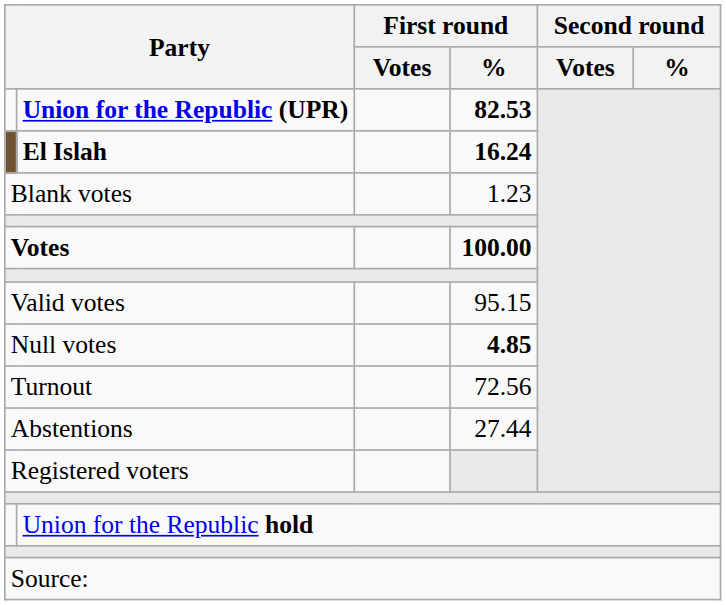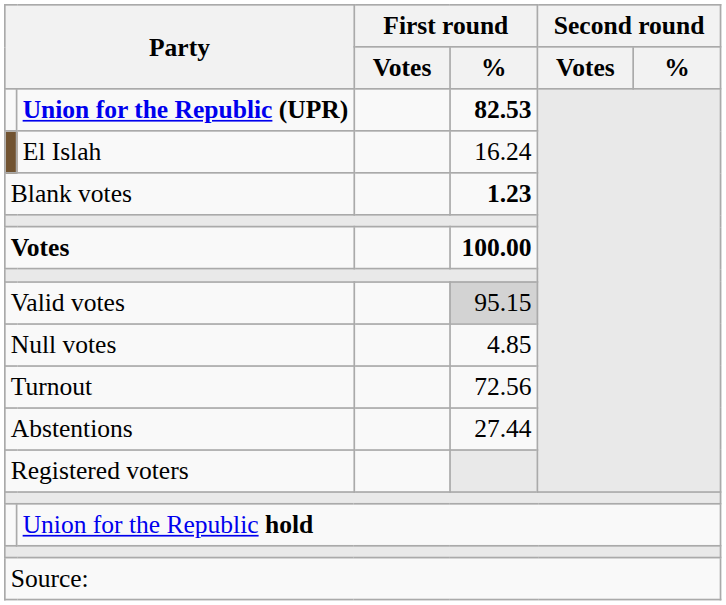 <table class="wikitable" style="text-align:right;font-size:95%;">
 <tr>
 <th rowspan="2" colspan="2">Party</th>
 <th colspan="2">First round</th>
 <th colspan="2">Second round</th>
 </tr>
 <tr>
 <th style="width:50px;">Votes</th>
 <th style="width:45px;">%</th>
 <th style="width:50px;">Votes</th>
 <th style="width:45px;">%</th>
 </tr>
 <tr>
 <td style="background:"></td>
 <td style="text-align:left;"><strong><a href='#'>Union for the Republic</a> (UPR)</strong></td>
 <td><strong></strong></td>
 <td><strong>82.53</strong></td>
 <td colspan="2" rowspan="11" style="background:#E9E9E9;"></td>
 </tr>
 <tr>
 <td style="background:#715331;"></td>
-<td style="text-align:left;"><strong>El Islah</strong></td>
+<td style="text-align:left;">El Islah</td>
 <td></td>
-<td><strong>16.24</strong></td>
+<td>16.24</td>
 </tr>
 <tr>
 <td colspan="2" style="text-align:left;">Blank votes</td>
 <td></td>
-<td>1.23</td>
+<td><strong>1.23</strong></td>
 </tr>
 <tr>
 <td colspan="4" style="background:#E9E9E9;"></td>
 </tr>
 <tr style="font-weight:bold;">
 <td colspan="2" style="text-align:left;">Votes</td>
 <td></td>
 <td>100.00</td>
 </tr>
 <tr>
 <td colspan="4" style="background:#E9E9E9;"></td>
 </tr>
 <tr>
 <td colspan="2" style="text-align:left;">Valid votes</td>
 <td></td>
-<td>95.15</td>
+<td style="background: lightgrey;">95.15</td>
 </tr>
 <tr>
 <td colspan="2" style="text-align:left;">Null votes</td>
 <td></td>
-<td><strong>4.85</strong></td>
+<td>4.85</td>
 </tr>
 <tr>
 <td colspan="2" style="text-align:left;">Turnout</td>
 <td></td>
 <td>72.56</td>
 </tr>
 <tr>
 <td colspan="2" style="text-align:left;">Abstentions</td>
 <td></td>
 <td>27.44</td>
 </tr>
 <tr>
 <td colspan="2" style="text-align:left;">Registered voters</td>
 <td></td>
 <td style="background:#E9E9E9;"></td>
 </tr>
 <tr>
 <td colspan="6" style="background:#E9E9E9;"></td>
 </tr>
 <tr>
 <td style="background:"></td>
 <td colspan="5" style="text-align:left;"><a href='#'>Union for the Republic</a> <strong>hold</strong></td>
 </tr>
 <tr>
 <td colspan="6" style="background:#E9E9E9;"></td>
 </tr>
 <tr>
 <td colspan="6" style="text-align:left;">Source: </td>
 </tr>
 </table>
